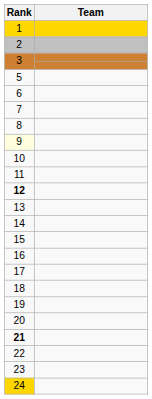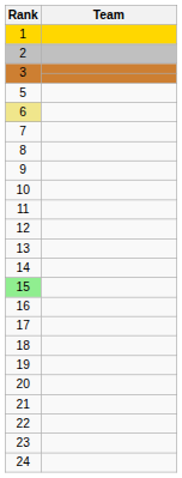 <table class="wikitable">
 <tr>
 <th>Rank</th>
 <th width=170>Team</th>
 </tr>
 <tr bgcolor=gold>
 <td align=center>1</td>
 <td></td>
 </tr>
 <tr bgcolor=silver>
 <td align=center>2</td>
 <td></td>
 </tr>
 <tr bgcolor=CD7F32>
 <td rowspan=2 align=center>3</td>
 <td></td>
 </tr>
 <tr bgcolor=CD7F32>
 <td></td>
 </tr>
 <tr>
 <td align=center>5</td>
 <td></td>
 </tr>
 <tr>
-<td align=center>6</td>
+<td align=center style="background: khaki;">6</td>
 <td></td>
 </tr>
 <tr>
 <td align=center>7</td>
 <td></td>
 </tr>
 <tr>
 <td align=center>8</td>
 <td></td>
 </tr>
 <tr>
-<td align=center style="background: lightyellow;">9</td>
+<td align=center>9</td>
 <td></td>
 </tr>
 <tr>
 <td align=center>10</td>
 <td></td>
 </tr>
 <tr>
 <td align=center>11</td>
 <td></td>
 </tr>
 <tr>
-<td align=center><strong>12</strong></td>
+<td align=center>12</td>
 <td></td>
 </tr>
 <tr>
 <td align=center>13</td>
 <td></td>
 </tr>
 <tr>
 <td align=center>14</td>
 <td></td>
 </tr>
 <tr>
-<td align=center>15</td>
+<td align=center style="background: lightgreen;">15</td>
 <td></td>
 </tr>
 <tr>
 <td align=center>16</td>
 <td></td>
 </tr>
 <tr>
 <td align=center>17</td>
 <td></td>
 </tr>
 <tr>
 <td align=center>18</td>
 <td></td>
 </tr>
 <tr>
 <td align=center>19</td>
 <td></td>
 </tr>
 <tr>
 <td align=center>20</td>
 <td></td>
 </tr>
 <tr>
-<td align=center><strong>21</strong></td>
+<td align=center>21</td>
 <td></td>
 </tr>
 <tr>
 <td align=center>22</td>
 <td></td>
 </tr>
 <tr>
 <td align=center>23</td>
 <td></td>
 </tr>
 <tr>
-<td align=center style="background: gold;">24</td>
+<td align=center>24</td>
 <td></td>
 </tr>
 </table>
